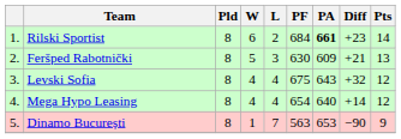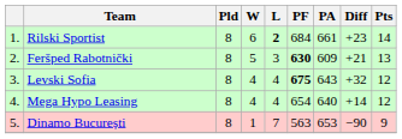 <table class="wikitable" style="text-align:center">
 <tr>
 <th width=15></th>
 <th width=220>Team</th>
 <th width=20>Pld</th>
 <th width=20>W</th>
 <th width=20>L</th>
 <th width=20>PF</th>
 <th width=20>PA</th>
 <th width=30>Diff</th>
 <th width=20>Pts</th>
 </tr>
 <tr bgcolor=#ccffcc>
 <td>1.</td>
 <td align=left> <a href='#'>Rilski Sportist</a></td>
 <td>8</td>
 <td>6</td>
-<td>2</td>
+<td><strong>2</strong></td>
 <td>684</td>
-<td><strong>661</strong></td>
+<td>661</td>
 <td>+23</td>
 <td>14</td>
 </tr>
 <tr bgcolor=#ccffcc>
 <td>2.</td>
 <td align=left> <a href='#'>Feršped Rabotnički</a></td>
 <td>8</td>
 <td>5</td>
 <td>3</td>
-<td>630</td>
+<td><strong>630</strong></td>
 <td>609</td>
 <td>+21</td>
 <td>13</td>
 </tr>
 <tr bgcolor=#ccffcc>
 <td>3.</td>
 <td align=left> <a href='#'>Levski Sofia</a></td>
 <td>8</td>
 <td>4</td>
 <td>4</td>
-<td>675</td>
+<td><strong>675</strong></td>
 <td>643</td>
 <td>+32</td>
 <td>12</td>
 </tr>
 <tr bgcolor=#ccffcc>
 <td>4.</td>
 <td align=left> <a href='#'>Mega Hypo Leasing</a></td>
 <td>8</td>
 <td>4</td>
 <td>4</td>
 <td>654</td>
 <td>640</td>
 <td>+14</td>
 <td>12</td>
 </tr>
 <tr bgcolor=#ffcccc>
 <td>5.</td>
 <td align=left> <a href='#'>Dinamo București</a></td>
 <td>8</td>
 <td>1</td>
 <td>7</td>
 <td>563</td>
 <td>653</td>
 <td>−90</td>
 <td>9</td>
 </tr>
 <tr>
 </tr>
 </table>
